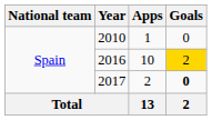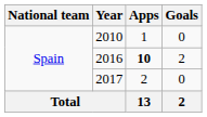 <table class="wikitable" style="text-align:center">
 <tr>
 <th>National team</th>
 <th>Year</th>
 <th>Apps</th>
 <th>Goals</th>
 </tr>
 <tr>
 <td rowspan="3"><a href='#'>Spain</a></td>
 <td>2010</td>
 <td>1</td>
 <td>0</td>
 </tr>
 <tr>
 <td>2016</td>
-<td>10</td>
-<td style="background: gold;">2</td>
+<td><strong>10</strong></td>
+<td>2</td>
 </tr>
 <tr>
 <td>2017</td>
 <td>2</td>
-<td><strong>0</strong></td>
+<td>0</td>
 </tr>
 <tr>
 <th colspan="2">Total</th>
 <th>13</th>
 <th>2</th>
 </tr>
 </table>
